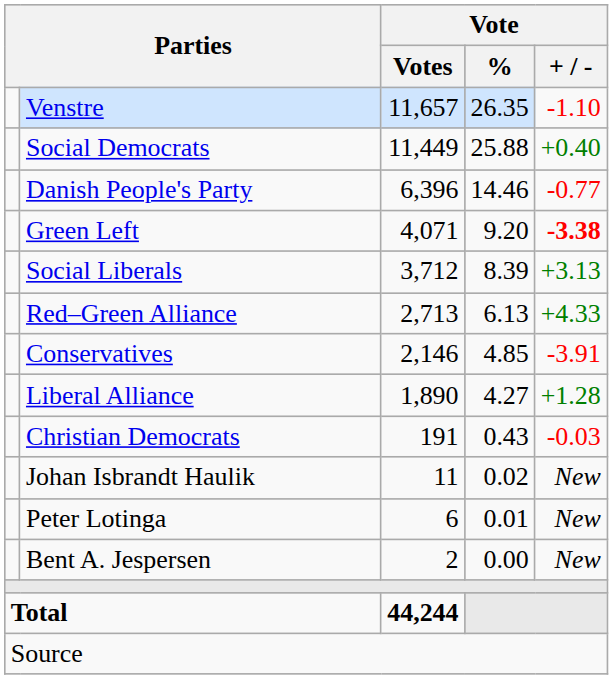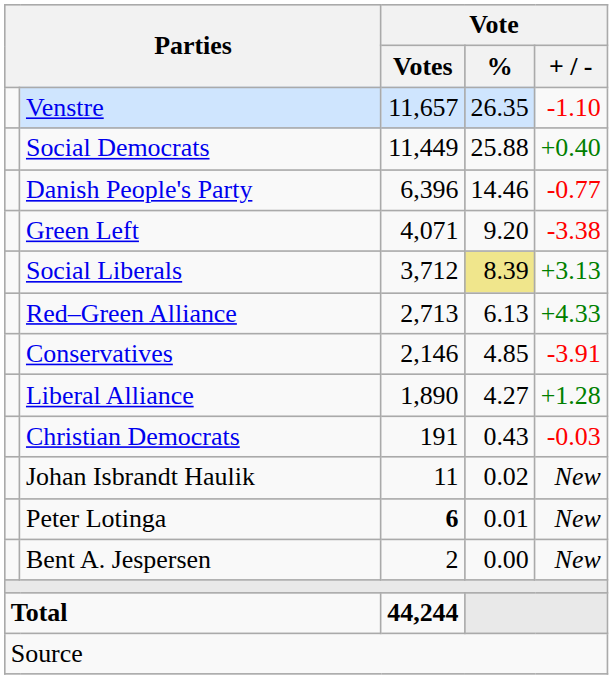 <table class="wikitable" style="text-align:right;">
 <tr>
 <th style="text-align:centre;" rowspan="2" colspan="2" width="225">Parties</th>
 <th colspan="3">Vote</th>
 </tr>
 <tr>
 <th width="15">Votes</th>
 <th width="15">%</th>
 <th width="15">+ / -</th>
 </tr>
 <tr>
 <td width="2" style="color:inherit;background:"></td>
 <td bgcolor=#cfe5fe  align="left"><a href='#'>Venstre</a></td>
 <td bgcolor=#cfe5fe>11,657</td>
 <td bgcolor=#cfe5fe>26.35</td>
 <td style=color:red;>-1.10</td>
 </tr>
 <tr>
 <td width="2" style="color:inherit;background:"></td>
 <td align="left"><a href='#'>Social Democrats</a></td>
 <td>11,449</td>
 <td>25.88</td>
 <td style=color:green;>+0.40</td>
 </tr>
 <tr>
 <td width="2" style="color:inherit;background:"></td>
 <td align="left"><a href='#'>Danish People's Party</a></td>
 <td>6,396</td>
 <td>14.46</td>
 <td style=color:red;>-0.77</td>
 </tr>
 <tr>
 <td width="2" style="color:inherit;background:"></td>
 <td align="left"><a href='#'>Green Left</a></td>
 <td>4,071</td>
 <td>9.20</td>
-<td style=color:red;><strong>-3.38</strong></td>
+<td style=color:red;>-3.38</td>
 </tr>
 <tr>
 <td width="2" style="color:inherit;background:"></td>
 <td align="left"><a href='#'>Social Liberals</a></td>
 <td>3,712</td>
-<td>8.39</td>
+<td style="background: khaki;">8.39</td>
 <td style=color:green;>+3.13</td>
 </tr>
 <tr>
 <td width="2" style="color:inherit;background:"></td>
 <td align="left"><a href='#'>Red–Green Alliance</a></td>
 <td>2,713</td>
 <td>6.13</td>
 <td style=color:green;>+4.33</td>
 </tr>
 <tr>
 <td width="2" style="color:inherit;background:"></td>
 <td align="left"><a href='#'>Conservatives</a></td>
 <td>2,146</td>
 <td>4.85</td>
 <td style=color:red;>-3.91</td>
 </tr>
 <tr>
 <td width="2" style="color:inherit;background:"></td>
 <td align="left"><a href='#'>Liberal Alliance</a></td>
 <td>1,890</td>
 <td>4.27</td>
 <td style=color:green;>+1.28</td>
 </tr>
 <tr>
 <td width="2" style="color:inherit;background:"></td>
 <td align="left"><a href='#'>Christian Democrats</a></td>
 <td>191</td>
 <td>0.43</td>
 <td style=color:red;>-0.03</td>
 </tr>
 <tr>
 <td width="2" style="color:inherit;background:"></td>
 <td align="left">Johan Isbrandt Haulik</td>
 <td>11</td>
 <td>0.02</td>
 <td><em>New</em></td>
 </tr>
 <tr>
 <td width="2" style="color:inherit;background:"></td>
 <td align="left">Peter Lotinga</td>
-<td>6</td>
+<td><strong>6</strong></td>
 <td>0.01</td>
 <td><em>New</em></td>
 </tr>
 <tr>
 <td width="2" style="color:inherit;background:"></td>
 <td align="left">Bent A. Jespersen</td>
 <td>2</td>
 <td>0.00</td>
 <td><em>New</em></td>
 </tr>
 <tr>
 <td colspan="7" bgcolor="#E9E9E9"></td>
 </tr>
 <tr>
 <td align="left" colspan="2"><strong>Total</strong></td>
 <td><strong>44,244</strong></td>
 <td bgcolor="#E9E9E9" colspan="2"></td>
 </tr>
 <tr>
 <td align="left" colspan="6">Source</td>
 </tr>
 </table>
